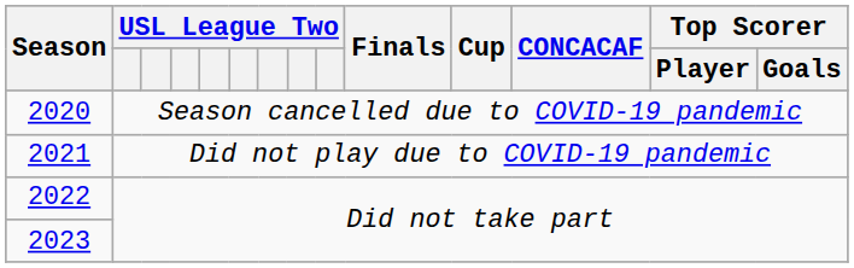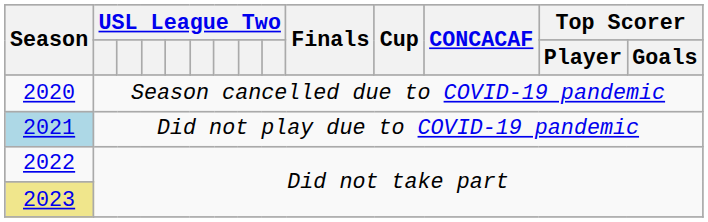 <table class="wikitable sortable" style="text-align: center">
 <tr>
 <th scope="col" rowspan="2">Season</th>
 <th colspan=8 class="unsortable"><a href='#'>USL League Two</a></th>
 <th scope="col" rowspan=2 class="unsortable"><strong>Finals</strong></th>
 <th scope="col" rowspan=2 class="unsortable">Cup</th>
 <th scope="col" rowspan=2 class="unsortable"><a href='#'>CONCACAF</a></th>
 <th scope="col" colspan=3 class="unsortable">Top Scorer</th>
 </tr>
 <tr>
 <th></th>
 <th></th>
 <th></th>
 <th></th>
 <th></th>
 <th></th>
 <th></th>
 <th></th>
 <th class="unsortable">Player</th>
 <th class="unsortable">Goals</th>
 </tr>
 <tr>
 <td><a href='#'>2020</a></td>
 <td colspan=13><em>Season cancelled due to <a href='#'>COVID-19 pandemic</a></em></td>
 </tr>
 <tr>
-<td><a href='#'>2021</a></td>
+<td style="background: lightblue;"><a href='#'>2021</a></td>
 <td colspan=13><em>Did not play due to <a href='#'>COVID-19 pandemic</a></em></td>
 </tr>
 <tr>
 <td><a href='#'>2022</a></td>
 <td colspan=13; rowspan=2><em>Did not take part</em></td>
 </tr>
 <tr>
-<td><a href='#'>2023</a></td>
+<td style="background: khaki;"><a href='#'>2023</a></td>
 </tr>
 </table>
